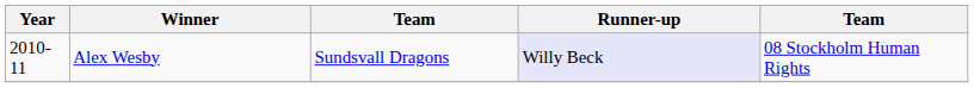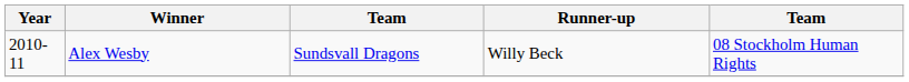 <table class="wikitable">
 <tr>
 <th>Year</th>
 <th width=210>Winner</th>
 <th width=180>Team</th>
 <th width=210>Runner-up</th>
 <th width=180>Team</th>
 </tr>
 <tr>
 <td>2010-11</td>
 <td> <a href='#'>Alex Wesby</a></td>
 <td><a href='#'>Sundsvall Dragons</a></td>
-<td style="background: lavender;"> Willy Beck</td>
+<td> Willy Beck</td>
 <td><a href='#'>08 Stockholm Human Rights</a></td>
 </tr>
 <tr>
 </tr>
 </table>
